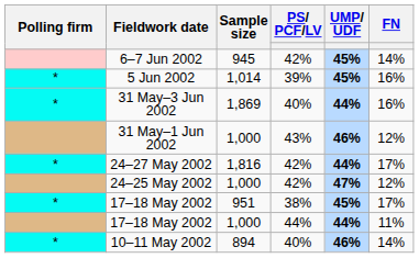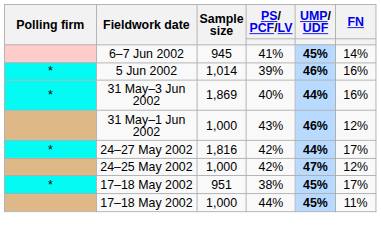 <table class="wikitable sortable" style="text-align:center;font-size:90%;line-height:14px;">
 <tr style="height:40px;">
 <th style="width:100px;" rowspan="2">Polling firm</th>
 <th style="width:110px;" rowspan="2">Fieldwork date</th>
 <th style="width:35px;" rowspan="2">Sample<br>size</th>
 <th class="unsortable" style="width:40px;"><a href='#'>PS</a>/<br><a href='#'>PCF</a>/<a href='#'>LV</a></th>
 <th class="unsortable" style="width:40px;"><a href='#'>UMP</a>/<br><a href='#'>UDF</a></th>
 <th class="unsortable" style="width:40px;"><a href='#'>FN</a></th>
 </tr>
 <tr>
 <th style="background:"></th>
 <th style="background:"></th>
 <th style="background:"></th>
 </tr>
 <tr>
 <td style="background:#FFCCCC;"></td>
 <td data-sort-value="2002-06-07">6–7 Jun 2002</td>
 <td>945</td>
-<td>42%</td>
+<td>41%</td>
 <td style="background:#B9DAFF;"><strong>45%</strong></td>
 <td>14%</td>
 </tr>
 <tr>
 <td style="background:#04FBF4;">*</td>
 <td data-sort-value="2002-06-05">5 Jun 2002</td>
 <td>1,014</td>
 <td>39%</td>
-<td style="background:#B9DAFF;"><strong>45%</strong></td>
+<td style="background:#B9DAFF;"><strong>46%</strong></td>
 <td>16%</td>
 </tr>
 <tr>
 <td style="background:#04FBF4;">*</td>
 <td data-sort-value="2002-06-03">31 May–3 Jun 2002</td>
 <td>1,869</td>
 <td>40%</td>
 <td style="background:#B9DAFF;"><strong>44%</strong></td>
 <td>16%</td>
 </tr>
 <tr>
 <td style="background:burlywood;"></td>
 <td data-sort-value="2002-06-01">31 May–1 Jun 2002</td>
 <td>1,000</td>
 <td>43%</td>
 <td style="background:#B9DAFF;"><strong>46%</strong></td>
 <td>12%</td>
 </tr>
 <tr>
 <td style="background:#04FBF4;">*</td>
 <td data-sort-value="2002-05-27">24–27 May 2002</td>
 <td>1,816</td>
 <td>42%</td>
 <td style="background:#B9DAFF;"><strong>44%</strong></td>
 <td>17%</td>
 </tr>
 <tr>
 <td style="background:burlywood;"></td>
 <td data-sort-value="2002-05-25">24–25 May 2002</td>
 <td>1,000</td>
 <td>42%</td>
 <td style="background:#B9DAFF;"><strong>47%</strong></td>
 <td>12%</td>
 </tr>
 <tr>
 <td style="background:#04FBF4;">*</td>
 <td data-sort-value="2002-05-18">17–18 May 2002</td>
 <td>951</td>
 <td>38%</td>
 <td style="background:#B9DAFF;"><strong>45%</strong></td>
 <td>17%</td>
 </tr>
 <tr>
 <td style="background:burlywood;"></td>
 <td data-sort-value="2002-05-18">17–18 May 2002</td>
 <td>1,000</td>
 <td>44%</td>
-<td style="background:#B9DAFF;"><strong>44%</strong></td>
+<td style="background:#B9DAFF;"><strong>45%</strong></td>
 <td>11%</td>
 </tr>
-<tr>
-<td style="background:#04FBF4;">*</td>
-<td data-sort-value="2002-05-11">10–11 May 2002</td>
-<td>894</td>
-<td>40%</td>
-<td style="background:#B9DAFF;"><strong>46%</strong></td>
-<td>14%</td>
-</tr>
 </table>
